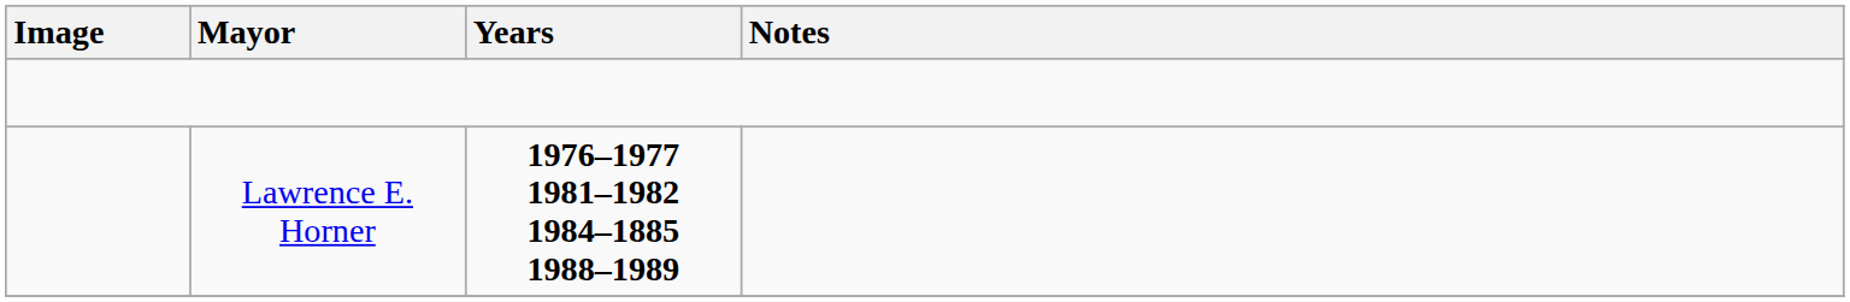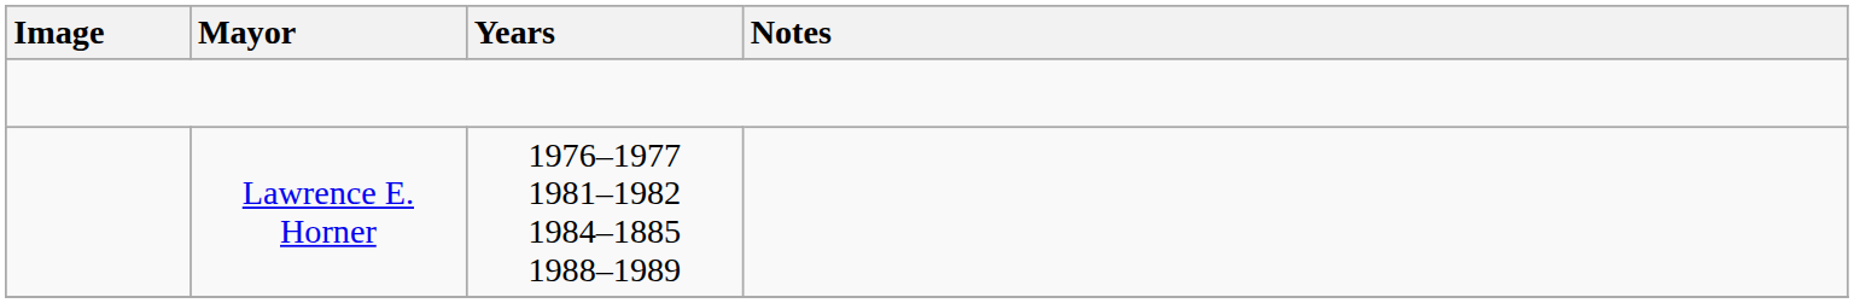 <table class="wikitable" style="text-align:center">
 <tr>
 <th style="text-align:left; width:10%;">Image</th>
 <th style="text-align:left; width:15%;">Mayor</th>
 <th style="text-align:left; width:15%;">Years</th>
 <th style="text-align:left; width:60%;">Notes</th>
 </tr>
 <tr style="height:2em">
 </tr>
 <tr>
 <td></td>
 <td><a href='#'>Lawrence E. Horner</a></td>
-<td><strong>1976–1977<br> 1981–1982<br>1984–1885<br>1988–1989</strong></td>
+<td>1976–1977<br> 1981–1982<br>1984–1885<br>1988–1989</td>
 <td></td>
 </tr>
 <tr>
 </tr>
 </table>
